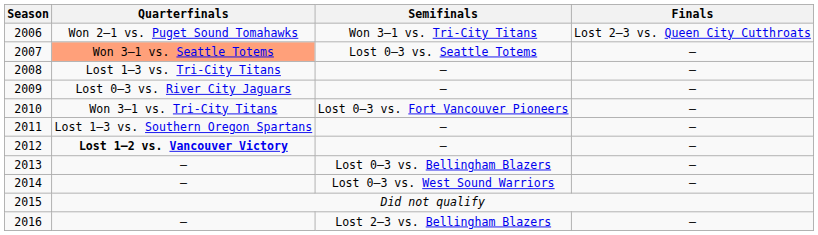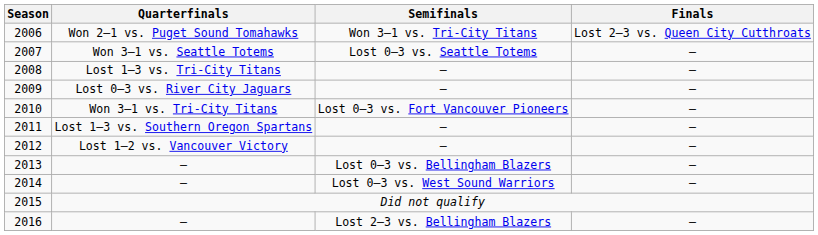 <table class="wikitable" style="text-align:center">
 <tr>
 <th>Season</th>
 <th>Quarterfinals</th>
 <th>Semifinals</th>
 <th>Finals</th>
 </tr>
 <tr>
 <td>2006</td>
 <td>Won 2–1 vs. <a href='#'>Puget Sound Tomahawks</a></td>
 <td>Won 3–1 vs. <a href='#'>Tri-City Titans</a></td>
 <td>Lost 2–3 vs. <a href='#'>Queen City Cutthroats</a></td>
 </tr>
 <tr>
 <td>2007</td>
-<td style="background: lightsalmon;">Won 3–1 vs. <a href='#'>Seattle Totems</a></td>
+<td>Won 3–1 vs. <a href='#'>Seattle Totems</a></td>
 <td>Lost 0–3 vs. <a href='#'>Seattle Totems</a></td>
 <td>—</td>
 </tr>
 <tr>
 <td>2008</td>
 <td>Lost 1–3 vs. <a href='#'>Tri-City Titans</a></td>
 <td>—</td>
 <td>—</td>
 </tr>
 <tr>
 <td>2009</td>
 <td>Lost 0–3 vs. <a href='#'>River City Jaguars</a></td>
 <td>—</td>
 <td>—</td>
 </tr>
 <tr>
 <td>2010</td>
 <td>Won 3–1 vs. <a href='#'>Tri-City Titans</a></td>
 <td>Lost 0–3 vs. <a href='#'>Fort Vancouver Pioneers</a></td>
 <td>—</td>
 </tr>
 <tr>
 <td>2011</td>
 <td>Lost 1–3 vs. <a href='#'>Southern Oregon Spartans</a></td>
 <td>—</td>
 <td>—</td>
 </tr>
 <tr>
 <td>2012</td>
-<td><strong>Lost 1–2 vs. <a href='#'>Vancouver Victory</a></strong></td>
+<td>Lost 1–2 vs. <a href='#'>Vancouver Victory</a></td>
 <td>—</td>
 <td>—</td>
 </tr>
 <tr>
 <td>2013</td>
 <td>—</td>
 <td>Lost 0–3 vs. <a href='#'>Bellingham Blazers</a></td>
 <td>—</td>
 </tr>
 <tr>
 <td>2014</td>
 <td>—</td>
 <td>Lost 0–3 vs. <a href='#'>West Sound Warriors</a></td>
 <td>—</td>
 </tr>
 <tr>
 <td>2015</td>
 <td colspan=3><em>Did not qualify</em></td>
 </tr>
 <tr>
 <td>2016</td>
 <td>—</td>
 <td>Lost 2–3 vs. <a href='#'>Bellingham Blazers</a></td>
 <td>—</td>
 </tr>
 </table>
